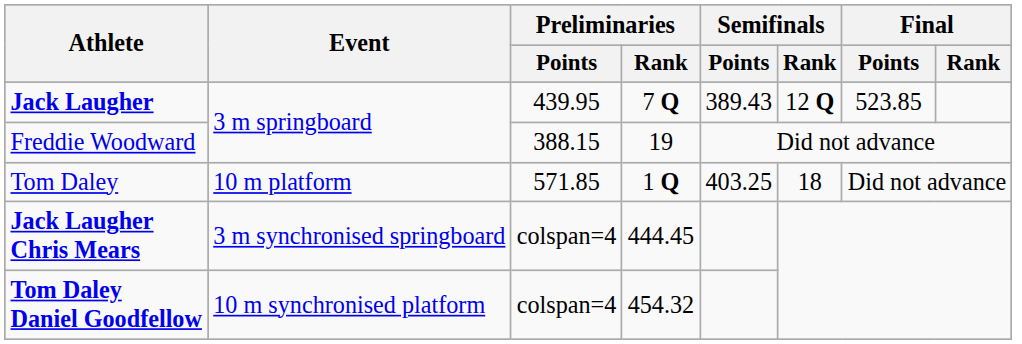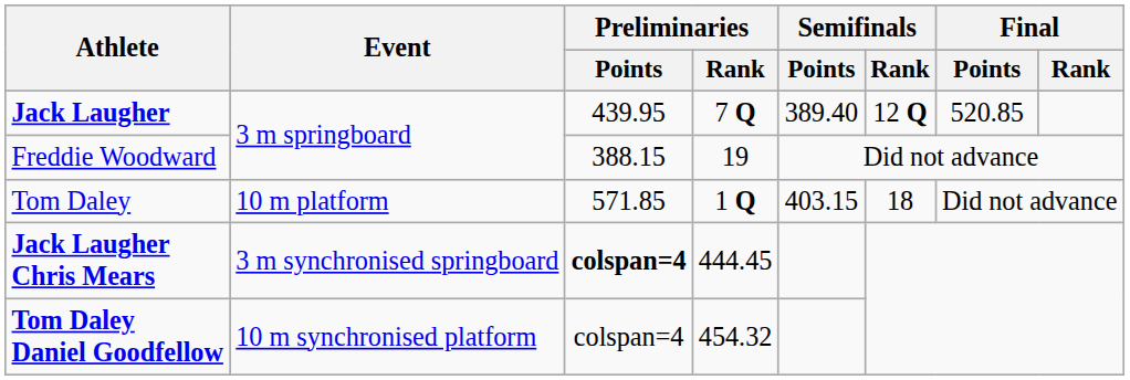 <table class=wikitable style="font-size:90%">
 <tr>
 <th rowspan="2">Athlete</th>
 <th rowspan="2">Event</th>
 <th colspan="2">Preliminaries</th>
 <th colspan="2">Semifinals</th>
 <th colspan="2">Final</th>
 </tr>
 <tr style="font-size:95%">
 <th>Points</th>
 <th>Rank</th>
 <th>Points</th>
 <th>Rank</th>
 <th>Points</th>
 <th>Rank</th>
 </tr>
 <tr align=center>
 <td align=left><strong><a href='#'>Jack Laugher</a></strong></td>
 <td align=left rowspan=2><a href='#'>3 m springboard</a></td>
 <td>439.95</td>
 <td>7 <strong>Q</strong></td>
-<td>389.43</td>
+<td>389.40</td>
 <td>12 <strong>Q</strong></td>
-<td>523.85</td>
+<td>520.85</td>
 <td></td>
 </tr>
 <tr align=center>
 <td align=left><a href='#'>Freddie Woodward</a></td>
 <td>388.15</td>
 <td>19</td>
 <td colspan=4>Did not advance</td>
 </tr>
 <tr align=center>
 <td align=left><a href='#'>Tom Daley</a></td>
 <td align=left><a href='#'>10 m platform</a></td>
 <td>571.85</td>
 <td>1 <strong>Q</strong></td>
-<td>403.25</td>
+<td>403.15</td>
 <td>18</td>
 <td colspan=2>Did not advance</td>
 </tr>
 <tr align=center>
 <td align=left><strong><a href='#'>Jack Laugher</a></strong><br><strong><a href='#'>Chris Mears</a></strong></td>
 <td align=left><a href='#'>3 m synchronised springboard</a></td>
-<td>colspan=4 </td>
+<td><strong>colspan=4 </strong></td>
 <td>444.45</td>
 <td></td>
 </tr>
 <tr align=center>
 <td align=left><strong><a href='#'>Tom Daley</a><br><a href='#'>Daniel Goodfellow</a></strong></td>
 <td align=left><a href='#'>10 m synchronised platform</a></td>
 <td>colspan=4 </td>
 <td>454.32</td>
 <td></td>
 </tr>
 </table>
